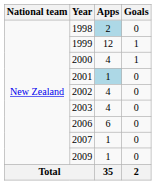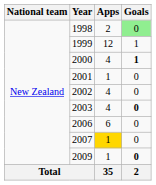 <table class="wikitable" style="text-align:center">
 <tr>
 <th>National team</th>
 <th>Year</th>
 <th>Apps</th>
 <th>Goals</th>
 </tr>
 <tr>
 <td rowspan="9"><a href='#'>New Zealand</a></td>
 <td>1998</td>
-<td style="background: lightblue;">2</td>
-<td>0</td>
+<td>2</td>
+<td style="background: lightgreen;">0</td>
 </tr>
 <tr>
 <td>1999</td>
 <td>12</td>
 <td>1</td>
 </tr>
 <tr>
 <td>2000</td>
 <td>4</td>
-<td>1</td>
+<td><strong>1</strong></td>
 </tr>
 <tr>
 <td>2001</td>
-<td style="background: lightblue;">1</td>
+<td>1</td>
 <td>0</td>
 </tr>
 <tr>
 <td>2002</td>
 <td>4</td>
 <td>0</td>
 </tr>
 <tr>
 <td>2003</td>
 <td>4</td>
-<td>0</td>
+<td><strong>0</strong></td>
 </tr>
 <tr>
 <td>2006</td>
 <td>6</td>
 <td>0</td>
 </tr>
 <tr>
 <td>2007</td>
-<td>1</td>
+<td style="background: gold;">1</td>
 <td>0</td>
 </tr>
 <tr>
 <td>2009</td>
 <td>1</td>
-<td>0</td>
+<td><strong>0</strong></td>
 </tr>
 <tr>
 <th colspan="2">Total</th>
 <th>35</th>
 <th>2</th>
 </tr>
 </table>
